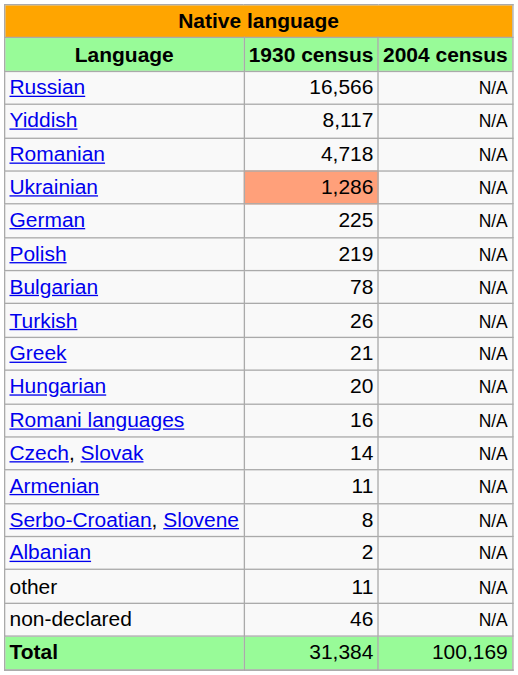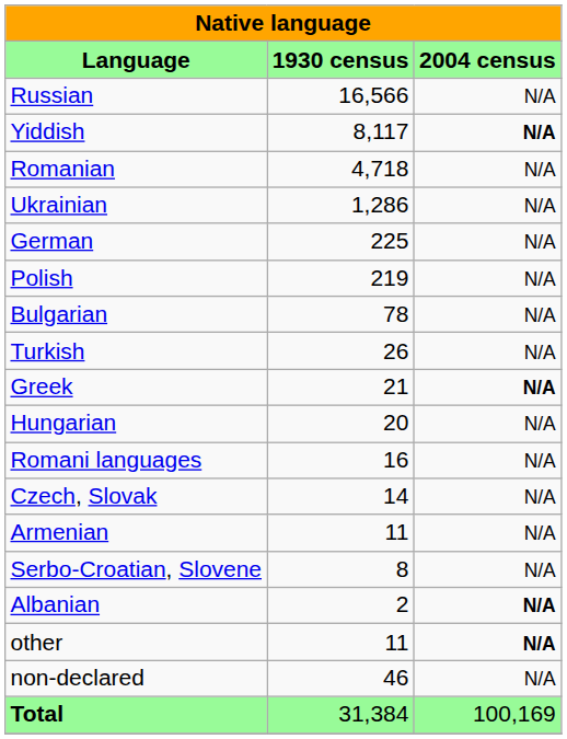 <table class="wikitable">
 <tr ---->
 <td colspan="3" align="center" bgcolor="#FFA500"><strong>Native language</strong></td>
 </tr>
 <tr ---->
 <td align="center" bgcolor="#98FB98"><strong>Language</strong></td>
 <td align="center" bgcolor="#98FB98"><strong>1930 census</strong></td>
 <td align="center" bgcolor="#98FB98"><strong>2004 census</strong></td>
 </tr>
 <tr ---->
 <td align=left><a href='#'>Russian</a></td>
 <td align=right>16,566</td>
 <td align=right><small>N/A</small></td>
 </tr>
 <tr ---->
 <td align=left><a href='#'>Yiddish</a></td>
 <td align=right>8,117</td>
-<td align=right><small>N/A</small></td>
+<td align=right><strong><small>N/A</small></strong></td>
 </tr>
 <tr ---->
 <td align=left><a href='#'>Romanian</a></td>
 <td align=right>4,718</td>
 <td align=right><small>N/A</small></td>
 </tr>
 <tr ---->
 <td align=left><a href='#'>Ukrainian</a></td>
-<td align=right style="background: lightsalmon;">1,286</td>
+<td align=right>1,286</td>
 <td align=right><small>N/A</small></td>
 </tr>
 <tr ---->
 <td align=left><a href='#'>German</a></td>
 <td align=right>225</td>
 <td align=right><small>N/A</small></td>
 </tr>
 <tr ---->
 <td align=left><a href='#'>Polish</a></td>
 <td align=right>219</td>
 <td align=right><small>N/A</small></td>
 </tr>
 <tr ---->
 <td align=left><a href='#'>Bulgarian</a></td>
 <td align=right>78</td>
 <td align=right><small>N/A</small></td>
 </tr>
 <tr ---->
 <td align=left><a href='#'>Turkish</a></td>
 <td align=right>26</td>
 <td align=right><small>N/A</small></td>
 </tr>
 <tr ---->
 <td align=left><a href='#'>Greek</a></td>
 <td align=right>21</td>
-<td align=right><small>N/A</small></td>
+<td align=right><strong><small>N/A</small></strong></td>
 </tr>
 <tr ---->
 <td align=left><a href='#'>Hungarian</a></td>
 <td align=right>20</td>
 <td align=right><small>N/A</small></td>
 </tr>
 <tr ---->
 <td align=left><a href='#'>Romani languages</a></td>
 <td align=right>16</td>
 <td align=right><small>N/A</small></td>
 </tr>
 <tr ---->
 <td align=left><a href='#'>Czech</a>, <a href='#'>Slovak</a></td>
 <td align=right>14</td>
 <td align=right><small>N/A</small></td>
 </tr>
 <tr ---->
 <td align=left><a href='#'>Armenian</a></td>
 <td align=right>11</td>
 <td align=right><small>N/A</small></td>
 </tr>
 <tr ---->
 <td align=left><a href='#'>Serbo-Croatian</a>, <a href='#'>Slovene</a></td>
 <td align=right>8</td>
 <td align=right><small>N/A</small></td>
 </tr>
 <tr ---->
 <td align=left><a href='#'>Albanian</a></td>
 <td align=right>2</td>
-<td align=right><small>N/A</small></td>
+<td align=right><strong><small>N/A</small></strong></td>
 </tr>
 <tr ---->
 <td align=left>other</td>
 <td align=right>11</td>
-<td align=right><small>N/A</small></td>
+<td align=right><strong><small>N/A</small></strong></td>
 </tr>
 <tr ---->
 <td align=left>non-declared</td>
 <td align=right>46</td>
 <td align=right><small>N/A</small></td>
 </tr>
 <tr ---->
 <td align=left bgcolor="#98FB98"><strong>Total</strong></td>
 <td align=right bgcolor="#98FB98">31,384</td>
 <td align=right bgcolor="#98FB98">100,169</td>
 </tr>
 <tr ---->
 </tr>
 </table>
